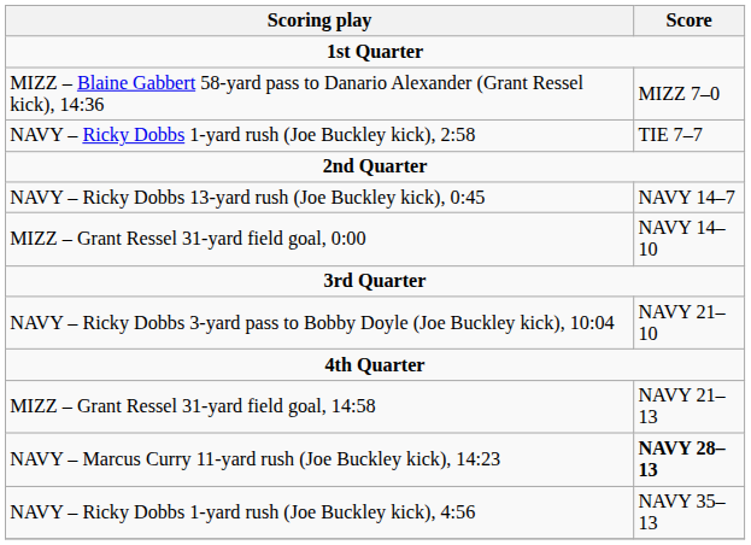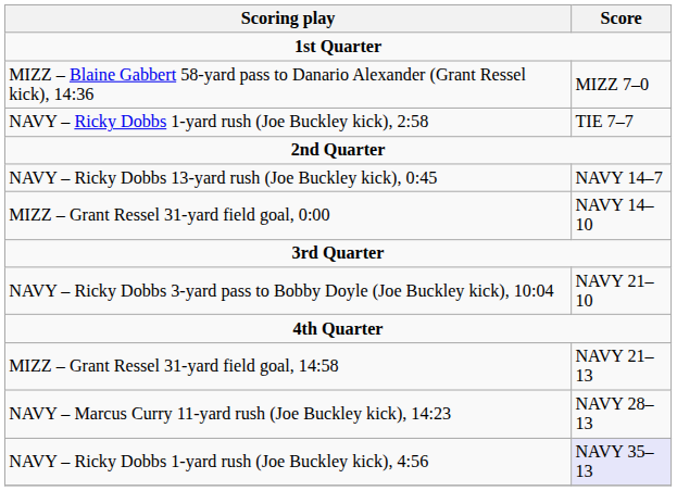 <table class="wikitable">
 <tr>
 <th>Scoring play</th>
 <th>Score</th>
 </tr>
 <tr>
 <td colspan="4" align="center"><strong>1st Quarter</strong></td>
 </tr>
 <tr>
 <td>MIZZ – <a href='#'>Blaine Gabbert</a> 58-yard pass to Danario Alexander (Grant Ressel kick), 14:36</td>
 <td>MIZZ 7–0</td>
 </tr>
 <tr>
 <td>NAVY – <a href='#'>Ricky Dobbs</a> 1-yard rush (Joe Buckley kick), 2:58</td>
 <td>TIE 7–7</td>
 </tr>
 <tr>
 <td colspan="4" align="center"><strong>2nd Quarter</strong></td>
 </tr>
 <tr>
 <td>NAVY – Ricky Dobbs 13-yard rush (Joe Buckley kick), 0:45</td>
 <td>NAVY 14–7</td>
 </tr>
 <tr>
 <td>MIZZ – Grant Ressel 31-yard field goal, 0:00</td>
 <td>NAVY 14–10</td>
 </tr>
 <tr>
 <td colspan="4" align="center"><strong>3rd Quarter</strong></td>
 </tr>
 <tr>
 <td>NAVY – Ricky Dobbs 3-yard pass to Bobby Doyle (Joe Buckley kick), 10:04</td>
 <td>NAVY 21–10</td>
 </tr>
 <tr>
 <td colspan="4" align="center"><strong>4th Quarter</strong></td>
 </tr>
 <tr>
 <td>MIZZ – Grant Ressel 31-yard field goal, 14:58</td>
 <td>NAVY 21–13</td>
 </tr>
 <tr>
 <td>NAVY – Marcus Curry 11-yard rush (Joe Buckley kick), 14:23</td>
-<td><strong>NAVY 28–13</strong></td>
+<td>NAVY 28–13</td>
 </tr>
 <tr>
 <td>NAVY – Ricky Dobbs 1-yard rush (Joe Buckley kick), 4:56</td>
-<td>NAVY 35–13</td>
+<td style="background: lavender;">NAVY 35–13</td>
 </tr>
 <tr>
 </tr>
 </table>
